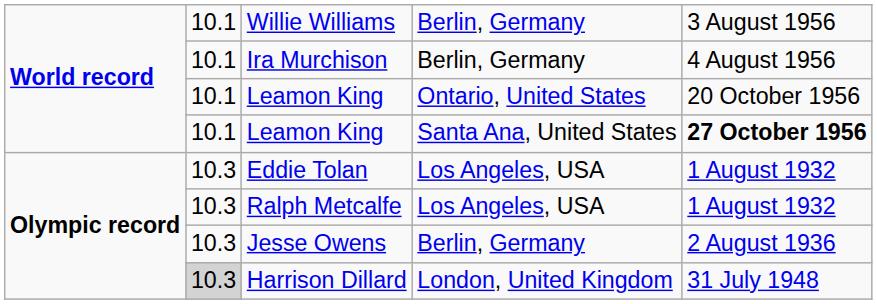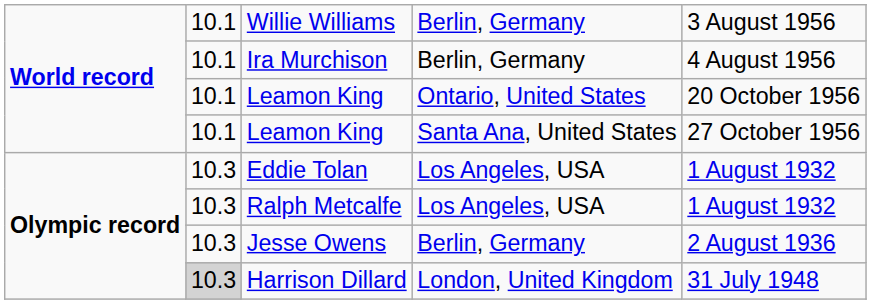 <table class="wikitable">
 <tr>
 <td rowspan=4><strong><a href='#'>World record</a></strong></td>
 <td align=center>10.1</td>
 <td> <a href='#'>Willie Williams</a></td>
 <td><a href='#'>Berlin</a>, <a href='#'>Germany</a></td>
 <td>3 August 1956</td>
 </tr>
 <tr>
 <td align=center>10.1</td>
 <td> <a href='#'>Ira Murchison</a></td>
 <td>Berlin, Germany</td>
 <td>4 August 1956</td>
 </tr>
 <tr>
 <td align=center>10.1</td>
 <td> <a href='#'>Leamon King</a></td>
 <td><a href='#'>Ontario</a>, <a href='#'>United States</a></td>
 <td>20 October 1956</td>
 </tr>
 <tr>
 <td align=center>10.1</td>
 <td> <a href='#'>Leamon King</a></td>
 <td><a href='#'>Santa Ana</a>, United States</td>
-<td><strong>27 October 1956</strong></td>
+<td>27 October 1956</td>
 </tr>
 <tr>
 <td rowspan=4><strong>Olympic record</strong></td>
 <td align=center>10.3</td>
 <td> <a href='#'>Eddie Tolan</a></td>
 <td><a href='#'>Los Angeles</a>, USA</td>
 <td><a href='#'>1 August 1932</a></td>
 </tr>
 <tr>
 <td align=center>10.3</td>
 <td> <a href='#'>Ralph Metcalfe</a></td>
 <td><a href='#'>Los Angeles</a>, USA</td>
 <td><a href='#'>1 August 1932</a></td>
 </tr>
 <tr>
 <td align=center>10.3</td>
 <td> <a href='#'>Jesse Owens</a></td>
 <td><a href='#'>Berlin</a>, <a href='#'>Germany</a></td>
 <td><a href='#'>2 August 1936</a></td>
 </tr>
 <tr>
 <td align=center style="background: lightgrey;">10.3</td>
 <td> <a href='#'>Harrison Dillard</a></td>
 <td><a href='#'>London</a>, <a href='#'>United Kingdom</a></td>
 <td><a href='#'>31 July 1948</a></td>
 </tr>
 </table>
